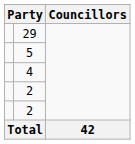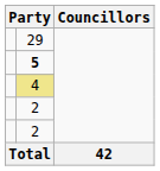 <table class="wikitable">
 <tr>
 <th colspan=2>Party</th>
 <th>Councillors</th>
 </tr>
 <tr>
 <td></td>
 <td align=center>29</td>
 </tr>
 <tr>
 <td></td>
-<td align=center>5</td>
+<td align=center><strong>5</strong></td>
 </tr>
 <tr>
 <td></td>
-<td align=center>4</td>
+<td align=center style="background: khaki;">4</td>
 </tr>
 <tr>
 <td></td>
 <td align=center>2</td>
 </tr>
 <tr>
 <td></td>
 <td align=center>2</td>
 </tr>
 <tr>
 <th colspan=2>Total</th>
 <th align=center>42</th>
 </tr>
 </table>
